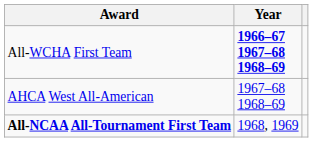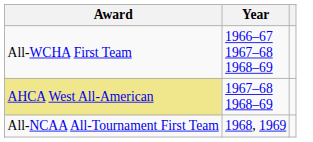 <table class="wikitable">
 <tr>
 <th>Award</th>
 <th>Year</th>
 <th></th>
 </tr>
 <tr>
 <td>All-<a href='#'>WCHA</a> <a href='#'>First Team</a></td>
-<td><strong><a href='#'>1966–67</a><br><a href='#'>1967–68</a><br><a href='#'>1968–69</a></strong></td>
+<td><a href='#'>1966–67</a><br><a href='#'>1967–68</a><br><a href='#'>1968–69</a></td>
 <td></td>
 </tr>
 <tr>
-<td><a href='#'>AHCA</a> <a href='#'>West All-American</a></td>
+<td style="background: khaki;"><a href='#'>AHCA</a> <a href='#'>West All-American</a></td>
 <td><a href='#'>1967–68</a><br><a href='#'>1968–69</a></td>
 <td></td>
 </tr>
 <tr>
-<td><strong>All-<a href='#'>NCAA</a> <a href='#'>All-Tournament First Team</a></strong></td>
+<td>All-<a href='#'>NCAA</a> <a href='#'>All-Tournament First Team</a></td>
 <td><a href='#'>1968</a>, <a href='#'>1969</a></td>
 <td></td>
 </tr>
 </table>
